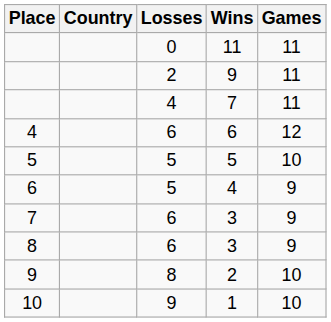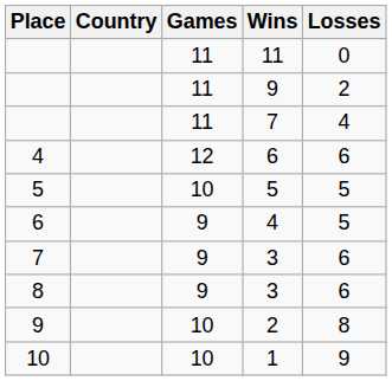 <table class="wikitable" style="text-align:center;">
 <tr>
 <th>Place</th>
 <th>Country</th>
+<th>Games</th>
+<th>Wins</th>
 <th>Losses</th>
-<th>Wins</th>
-<th>Games</th>
 </tr>
 <tr>
 <td></td>
 <td align=left></td>
-<td>0</td>
 <td>11</td>
 <td>11</td>
+<td>0</td>
 </tr>
 <tr>
 <td></td>
 <td align=left></td>
+<td>11</td>
+<td>9</td>
 <td>2</td>
-<td>9</td>
-<td>11</td>
 </tr>
 <tr>
 <td></td>
 <td align=left></td>
+<td>11</td>
+<td>7</td>
 <td>4</td>
-<td>7</td>
-<td>11</td>
 </tr>
 <tr>
 <td>4</td>
 <td align=left></td>
+<td>12</td>
 <td>6</td>
 <td>6</td>
-<td>12</td>
 </tr>
 <tr>
 <td>5</td>
 <td align=left></td>
+<td>10</td>
 <td>5</td>
 <td>5</td>
-<td>10</td>
 </tr>
 <tr>
 <td>6</td>
 <td align=left></td>
+<td>9</td>
+<td>4</td>
 <td>5</td>
-<td>4</td>
-<td>9</td>
 </tr>
 <tr>
 <td>7</td>
 <td align=left></td>
+<td>9</td>
+<td>3</td>
 <td>6</td>
-<td>3</td>
-<td>9</td>
 </tr>
 <tr>
 <td>8</td>
 <td align=left></td>
+<td>9</td>
+<td>3</td>
 <td>6</td>
-<td>3</td>
-<td>9</td>
 </tr>
 <tr>
 <td>9</td>
 <td align=left></td>
+<td>10</td>
+<td>2</td>
 <td>8</td>
-<td>2</td>
-<td>10</td>
 </tr>
 <tr>
 <td>10</td>
 <td align=left></td>
+<td>10</td>
+<td>1</td>
 <td>9</td>
-<td>1</td>
-<td>10</td>
 </tr>
 </table>
